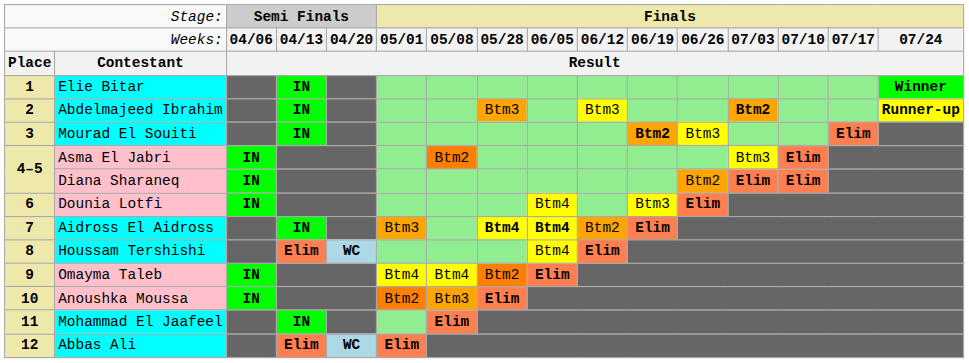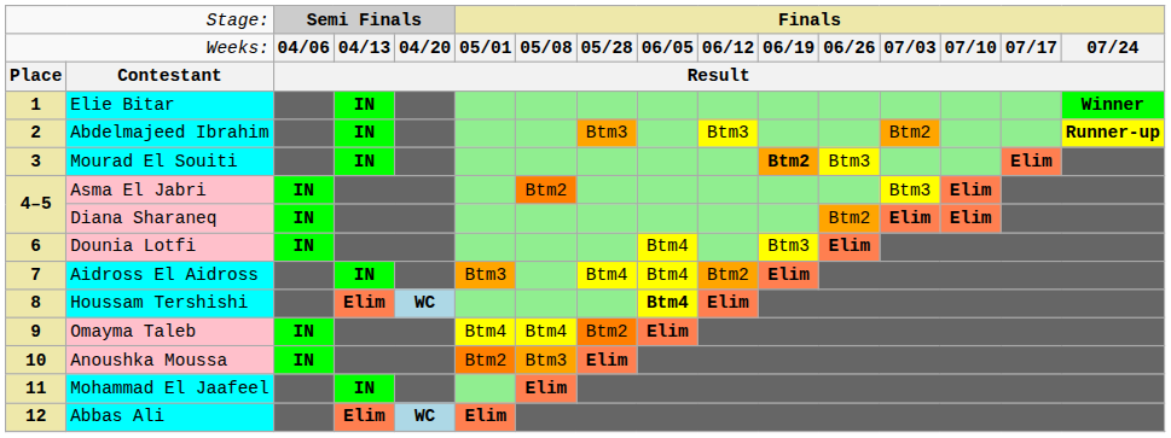 <table class="wikitable" align="center">
 <tr>
 <td colspan="2" align="right"><em>Stage:</em></td>
 <td colspan="3" bgcolor="CCCCCC" align="Center"><strong>Semi Finals</strong></td>
 <td colspan="11" bgcolor="palegoldenrod" align="Center"><strong>Finals</strong></td>
 </tr>
 <tr>
 <td colspan="2" align="right"><em>Weeks:</em></td>
 <th>04/06</th>
 <th>04/13</th>
 <th>04/20</th>
 <th>05/01</th>
 <th>05/08</th>
 <th>05/28</th>
 <th>06/05</th>
 <th>06/12</th>
 <th>06/19</th>
 <th>06/26</th>
 <th>07/03</th>
 <th>07/10</th>
 <th>07/17</th>
 <th>07/24</th>
 </tr>
 <tr>
 <th>Place</th>
 <th>Contestant</th>
 <th colspan="17" align="center">Result</th>
 </tr>
 <tr>
 <td align="center" bgcolor="palegoldenrod"><strong>1</strong></td>
 <td bgcolor="cyan">Elie Bitar</td>
 <td bgcolor="666666"></td>
 <td style="background: lime" align="center"><strong>IN</strong></td>
 <td bgcolor="666666"></td>
 <td style="background: lightgreen"></td>
 <td style="background: lightgreen"></td>
 <td style="background: lightgreen"></td>
 <td style="background: lightgreen"></td>
 <td style="background: lightgreen"></td>
 <td style="background: lightgreen"></td>
 <td style="background: lightgreen"></td>
 <td style="background: lightgreen"></td>
 <td style="background: lightgreen"></td>
 <td style="background: lightgreen"></td>
 <td style="background: Lime"  align="center"><strong>Winner</strong></td>
 </tr>
 <tr>
 <td align="center" bgcolor="palegoldenrod"><strong>2</strong></td>
 <td bgcolor="cyan">Abdelmajeed Ibrahim</td>
 <td bgcolor="666666"></td>
 <td style="background: lime" align="center"><strong>IN</strong></td>
 <td bgcolor="666666"></td>
 <td style="background: lightgreen"></td>
 <td style="background: lightgreen"></td>
 <td style="background: orange" align="center">Btm3</td>
 <td style="background: lightgreen"></td>
 <td style="background: yellow" align="center">Btm3</td>
 <td style="background: lightgreen"></td>
 <td style="background: lightgreen"></td>
-<td style="background: orange" align="center"><strong>Btm2</strong></td>
+<td style="background: orange" align="center">Btm2</td>
 <td style="background: lightgreen"></td>
 <td style="background: lightgreen"></td>
 <td style="background: yellow"   align="center"><strong>Runner-up</strong></td>
 </tr>
 <tr>
 <td align="center" bgcolor="palegoldenrod"><strong>3</strong></td>
 <td bgcolor="cyan">Mourad El Souiti</td>
 <td bgcolor="666666"></td>
 <td style="background: lime" align="center"><strong>IN</strong></td>
 <td bgcolor="666666"></td>
 <td style="background: lightgreen"></td>
 <td style="background: lightgreen"></td>
 <td style="background: lightgreen"></td>
 <td style="background: lightgreen"></td>
 <td style="background: lightgreen"></td>
 <td style="background: orange" align="center"><strong>Btm2</strong></td>
 <td style="background: yellow" align="center">Btm3</td>
 <td style="background: lightgreen"></td>
 <td style="background: lightgreen"></td>
 <td style="background: coral" align="center"><strong>Elim</strong></td>
 <td bgcolor="666666"></td>
 </tr>
 <tr>
 <td align="center" bgcolor="palegoldenrod" rowspan="2"><strong>4–5</strong></td>
 <td bgcolor="pink">Asma El Jabri</td>
 <td style="background: lime" align="center"><strong>IN</strong></td>
 <td bgcolor="666666" colspan="2"></td>
 <td style="background: lightgreen"></td>
 <td style="background: #FF7F00" align="center">Btm2</td>
 <td style="background: lightgreen"></td>
 <td style="background: lightgreen"></td>
 <td style="background: lightgreen"></td>
 <td style="background: lightgreen"></td>
 <td style="background: lightgreen"></td>
 <td style="background: yellow" align="center">Btm3</td>
 <td style="background: coral" align="center"><strong>Elim</strong></td>
 <td colspan="2" bgcolor="666666"></td>
 </tr>
 <tr>
 <td bgcolor="pink">Diana Sharaneq</td>
 <td style="background: lime" align="center"><strong>IN</strong></td>
 <td bgcolor="666666" colspan="2"></td>
 <td style="background: lightgreen"></td>
 <td style="background: lightgreen"></td>
 <td style="background: lightgreen"></td>
 <td style="background: lightgreen"></td>
 <td style="background: lightgreen"></td>
 <td style="background: lightgreen"></td>
 <td style="background: orange" align="center">Btm2</td>
 <td style="background: coral" align="center"><strong>Elim</strong></td>
 <td style="background: coral" align="center"><strong>Elim</strong></td>
 <td colspan="2" bgcolor="666666"></td>
 </tr>
 <tr>
 <td align="center" bgcolor="palegoldenrod"><strong>6</strong></td>
 <td bgcolor="pink">Dounia Lotfi</td>
 <td style="background: lime" align="center"><strong>IN</strong></td>
 <td bgcolor="666666" colspan="2"></td>
 <td style="background: lightgreen"></td>
 <td style="background: lightgreen"></td>
 <td style="background: lightgreen"></td>
 <td style="background: yellow" align="center">Btm4</td>
 <td style="background: lightgreen"></td>
 <td style="background: yellow" align="center">Btm3</td>
 <td style="background: coral" align="center"><strong>Elim</strong></td>
 <td colspan="4" bgcolor="666666"></td>
 </tr>
 <tr>
 <td align="center" bgcolor="palegoldenrod"><strong>7</strong></td>
 <td bgcolor="cyan">Aidross El Aidross</td>
 <td bgcolor="666666"></td>
 <td style="background: lime" align="center"><strong>IN</strong></td>
 <td bgcolor="666666"></td>
 <td style="background: orange" align="center">Btm3</td>
 <td style="background: lightgreen"></td>
-<td style="background: yellow" align="center"><strong>Btm4</strong></td>
-<td style="background: yellow" align="center"><strong>Btm4</strong></td>
+<td style="background: yellow" align="center">Btm4</td>
+<td style="background: yellow" align="center">Btm4</td>
 <td style="background: orange" align="center">Btm2</td>
 <td style="background: coral" align="center"><strong>Elim</strong></td>
 <td colspan="6" bgcolor="666666"></td>
 </tr>
 <tr>
 <td align="center" bgcolor="palegoldenrod"><strong>8</strong></td>
 <td bgcolor="cyan">Houssam Tershishi</td>
 <td bgcolor="666666"></td>
 <td style="background: coral" align="center"><strong>Elim</strong></td>
 <td style="background: lightblue" align="center"><strong>WC</strong></td>
 <td style="background: lightgreen"></td>
 <td style="background: lightgreen"></td>
 <td style="background: lightgreen"></td>
-<td style="background: yellow" align="center">Btm4</td>
+<td style="background: yellow" align="center"><strong>Btm4</strong></td>
 <td style="background: coral" align="center"><strong>Elim</strong></td>
 <td colspan="8" bgcolor="666666"></td>
 </tr>
 <tr>
 <td align="center" bgcolor="palegoldenrod"><strong>9</strong></td>
 <td bgcolor="pink">Omayma Taleb</td>
 <td style="background: lime" align="center"><strong>IN</strong></td>
 <td bgcolor="666666" colspan="2"></td>
 <td style="background: yellow" align="center">Btm4</td>
 <td style="background: yellow" align="center">Btm4</td>
 <td style="background: #FF7F00" align="center">Btm2</td>
 <td style="background: coral" align="center"><strong>Elim</strong></td>
 <td colspan="7" bgcolor="666666"></td>
 </tr>
 <tr>
 <td align="center" bgcolor="palegoldenrod"><strong>10</strong></td>
 <td bgcolor="pink">Anoushka Moussa</td>
 <td style="background: lime" align="center"><strong>IN</strong></td>
 <td bgcolor="666666" colspan="2"></td>
 <td style="background: #FF7F00" align="center">Btm2</td>
 <td style="background: orange" align="center">Btm3</td>
 <td style="background: coral" align="center"><strong>Elim</strong></td>
 <td colspan="9" bgcolor="666666"></td>
 </tr>
 <tr>
 <td align="center" bgcolor="palegoldenrod"><strong>11</strong></td>
 <td bgcolor="cyan">Mohammad El Jaafeel</td>
 <td bgcolor="666666"></td>
 <td style="background: lime" align="center"><strong>IN</strong></td>
 <td bgcolor="666666"></td>
 <td style="background: lightgreen"></td>
 <td style="background: coral" align="center"><strong>Elim</strong></td>
 <td colspan="9" bgcolor="666666"></td>
 </tr>
 <tr>
 <td align="center" bgcolor="palegoldenrod"><strong>12</strong></td>
 <td bgcolor="cyan">Abbas Ali</td>
 <td bgcolor="666666"></td>
 <td style="background: coral" align="center"><strong>Elim</strong></td>
 <td style="background: lightblue" align="center"><strong>WC</strong></td>
 <td style="background: coral" align="center"><strong>Elim</strong></td>
 <td colspan="11" bgcolor="666666"></td>
 </tr>
 <tr>
 </tr>
 </table>
